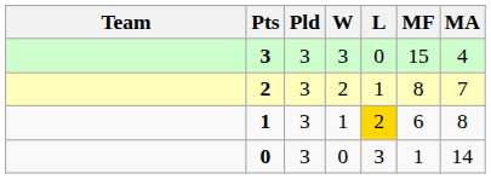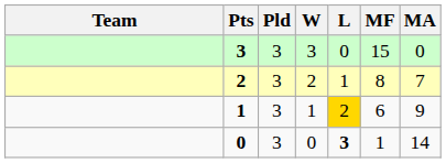 <table class=wikitable style="text-align:center">
 <tr>
 <th width=175>Team</th>
 <th width=20>Pts</th>
 <th width=20>Pld</th>
 <th width=20>W</th>
 <th width=20>L</th>
 <th width=20>MF</th>
 <th width=20>MA</th>
 </tr>
 <tr bgcolor=#ccffcc>
 <td style="text-align:left"></td>
 <td><strong>3</strong></td>
 <td>3</td>
 <td>3</td>
 <td>0</td>
 <td>15</td>
-<td>4</td>
+<td>0</td>
 </tr>
 <tr bgcolor=#ffffbb>
 <td style="text-align:left"></td>
 <td><strong>2</strong></td>
 <td>3</td>
 <td>2</td>
 <td>1</td>
 <td>8</td>
 <td>7</td>
 </tr>
 <tr>
 <td style="text-align:left"></td>
 <td><strong>1</strong></td>
 <td>3</td>
 <td>1</td>
 <td style="background: gold;">2</td>
 <td>6</td>
-<td>8</td>
+<td>9</td>
 </tr>
 <tr>
 <td style="text-align:left"></td>
 <td><strong>0</strong></td>
 <td>3</td>
 <td>0</td>
-<td>3</td>
+<td><strong>3</strong></td>
 <td>1</td>
 <td>14</td>
 </tr>
 </table>
